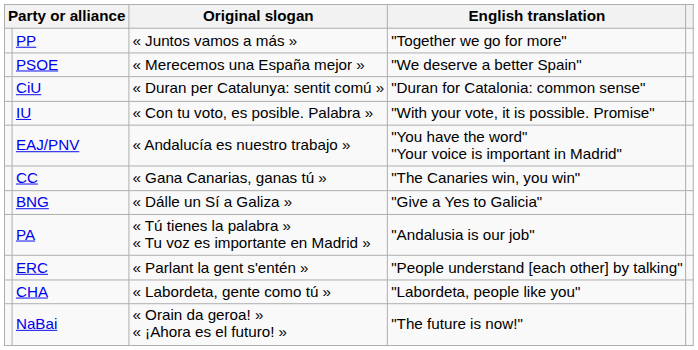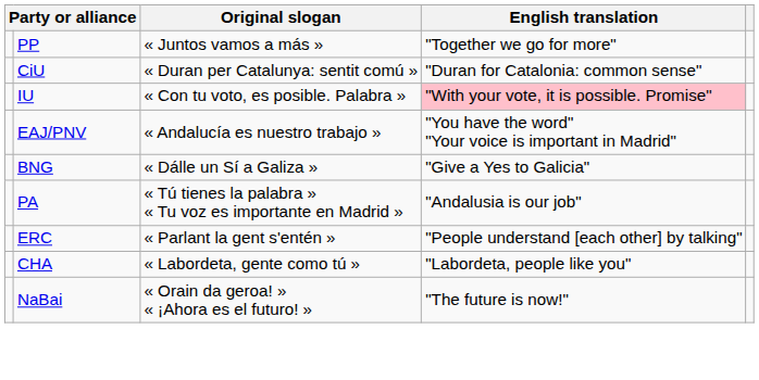 <table class="wikitable" style="text-align:left;">
 <tr>
 <th style="text-align:left;" colspan="2">Party or alliance</th>
 <th>Original slogan</th>
 <th>English translation</th>
 <th></th>
 </tr>
 <tr>
 <td width="1" style="color:inherit;background:"></td>
 <td><a href='#'>PP</a></td>
 <td>« Juntos vamos a más »</td>
 <td>"Together we go for more"</td>
 <td></td>
 </tr>
 <tr>
 <td style="color:inherit;background:"></td>
-<td><a href='#'>PSOE</a></td>
-<td>« Merecemos una España mejor »</td>
-<td>"We deserve a better Spain"</td>
-<td></td>
-</tr>
-<tr>
-<td style="color:inherit;background:"></td>
 <td><a href='#'>CiU</a></td>
 <td>« Duran per Catalunya: sentit comú »</td>
 <td>"Duran for Catalonia: common sense"</td>
 <td></td>
 </tr>
 <tr>
 <td style="color:inherit;background:"></td>
 <td><a href='#'>IU</a></td>
 <td>« Con tu voto, es posible. Palabra »</td>
-<td>"With your vote, it is possible. Promise"</td>
+<td style="background: pink;">"With your vote, it is possible. Promise"</td>
 <td></td>
 </tr>
 <tr>
 <td style="color:inherit;background:"></td>
 <td><a href='#'>EAJ/PNV</a></td>
 <td>« Andalucía es nuestro trabajo »</td>
 <td>"You have the word"<br>"Your voice is important in Madrid"</td>
-<td></td>
-</tr>
-<tr>
-<td style="color:inherit;background:"></td>
-<td><a href='#'>CC</a></td>
-<td>« Gana Canarias, ganas tú »</td>
-<td>"The Canaries win, you win"</td>
 <td></td>
 </tr>
 <tr>
 <td style="color:inherit;background:"></td>
 <td><a href='#'>BNG</a></td>
 <td>« Dálle un Sí a Galiza »</td>
 <td>"Give a Yes to Galicia"</td>
 <td></td>
 </tr>
 <tr>
 <td style="color:inherit;background:"></td>
 <td><a href='#'>PA</a></td>
 <td>« Tú tienes la palabra »<br>« Tu voz es importante en Madrid »</td>
 <td>"Andalusia is our job"</td>
 <td></td>
 </tr>
 <tr>
 <td style="color:inherit;background:"></td>
 <td><a href='#'>ERC</a></td>
 <td>« Parlant la gent s'entén »</td>
 <td>"People understand [each other] by talking"</td>
 <td></td>
 </tr>
 <tr>
 <td style="color:inherit;background:"></td>
 <td><a href='#'>CHA</a></td>
 <td>« Labordeta, gente como tú »</td>
 <td>"Labordeta, people like you"</td>
 <td></td>
 </tr>
 <tr>
 <td style="color:inherit;background:"></td>
 <td><a href='#'>NaBai</a></td>
 <td>« Orain da geroa! »<br>« ¡Ahora es el futuro! »</td>
 <td>"The future is now!"</td>
 <td></td>
 </tr>
 </table>
